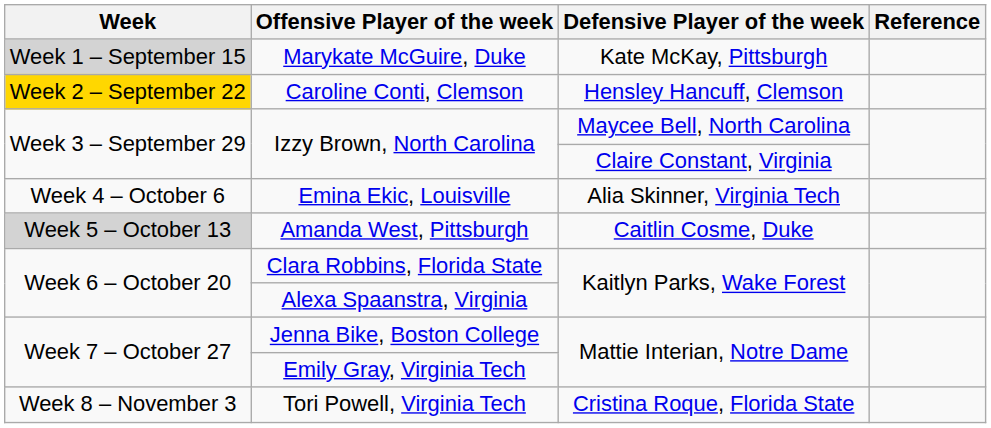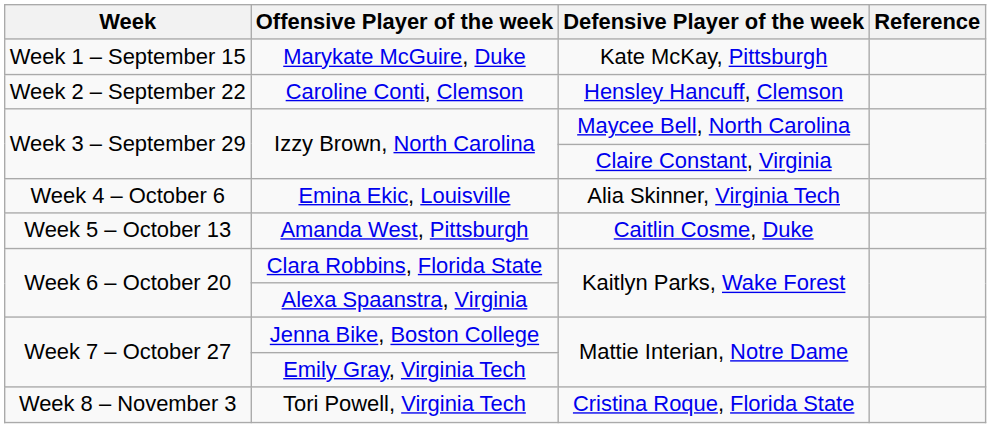 <table class="wikitable" border="1" style="text-align:center">
 <tr>
 <th>Week</th>
 <th>Offensive Player of the week</th>
 <th>Defensive Player of the week</th>
 <th>Reference</th>
 </tr>
 <tr>
-<td style="background: lightgrey;">Week 1 – September 15</td>
+<td>Week 1 – September 15</td>
 <td><a href='#'>Marykate McGuire</a>, <a href='#'>Duke</a></td>
 <td>Kate McKay, <a href='#'>Pittsburgh</a></td>
 <td></td>
 </tr>
 <tr>
-<td style="background: gold;">Week 2 – September 22</td>
+<td>Week 2 – September 22</td>
 <td><a href='#'>Caroline Conti</a>, <a href='#'>Clemson</a></td>
 <td><a href='#'>Hensley Hancuff</a>, <a href='#'>Clemson</a></td>
 <td></td>
 </tr>
 <tr>
 <td rowspan=2>Week 3 – September 29</td>
 <td rowspan=2>Izzy Brown, <a href='#'>North Carolina</a></td>
 <td><a href='#'>Maycee Bell</a>, <a href='#'>North Carolina</a></td>
 <td rowspan=2></td>
 </tr>
 <tr>
 <td><a href='#'>Claire Constant</a>, <a href='#'>Virginia</a></td>
 </tr>
 <tr>
 <td>Week 4 – October 6</td>
 <td><a href='#'>Emina Ekic</a>, <a href='#'>Louisville</a></td>
 <td>Alia Skinner, <a href='#'>Virginia Tech</a></td>
 <td></td>
 </tr>
 <tr>
-<td style="background: lightgrey;">Week 5 – October 13</td>
+<td>Week 5 – October 13</td>
 <td><a href='#'>Amanda West</a>, <a href='#'>Pittsburgh</a></td>
 <td><a href='#'>Caitlin Cosme</a>, <a href='#'>Duke</a></td>
 <td></td>
 </tr>
 <tr>
 <td rowspan=2>Week 6 – October 20</td>
 <td><a href='#'>Clara Robbins</a>, <a href='#'>Florida State</a></td>
 <td rowspan=2>Kaitlyn Parks, <a href='#'>Wake Forest</a></td>
 <td rowspan=2></td>
 </tr>
 <tr>
 <td><a href='#'>Alexa Spaanstra</a>, <a href='#'>Virginia</a></td>
 </tr>
 <tr>
 <td rowspan=2>Week 7 – October 27</td>
 <td><a href='#'>Jenna Bike</a>, <a href='#'>Boston College</a></td>
 <td rowspan=2>Mattie Interian, <a href='#'>Notre Dame</a></td>
 <td rowspan=2></td>
 </tr>
 <tr>
 <td><a href='#'>Emily Gray</a>, <a href='#'>Virginia Tech</a></td>
 </tr>
 <tr>
 <td>Week 8 – November 3</td>
 <td>Tori Powell, <a href='#'>Virginia Tech</a></td>
 <td><a href='#'>Cristina Roque</a>, <a href='#'>Florida State</a></td>
 <td></td>
 </tr>
 </table>
